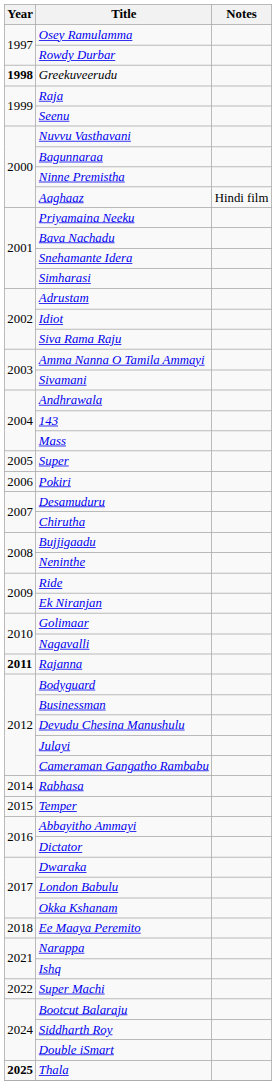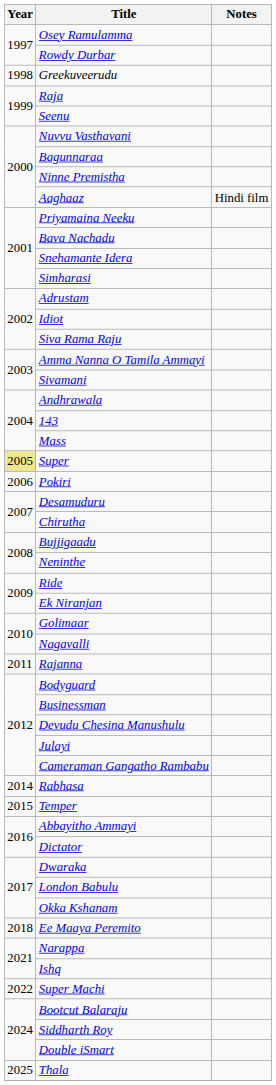 <table class="wikitable">
 <tr>
 <th>Year</th>
 <th>Title</th>
 <th>Notes</th>
 </tr>
 <tr>
 <td rowspan="2">1997</td>
 <td><em><a href='#'>Osey Ramulamma</a></em></td>
 <td></td>
 </tr>
 <tr>
 <td><em><a href='#'>Rowdy Durbar</a></em></td>
 </tr>
 <tr>
-<td rowspan="1"><strong>1998</strong></td>
+<td rowspan="1">1998</td>
 <td><em>Greekuveerudu</em></td>
 <td></td>
 </tr>
 <tr>
 <td rowspan="2">1999</td>
 <td><em><a href='#'>Raja</a></em></td>
 <td></td>
 </tr>
 <tr>
 <td><em><a href='#'>Seenu</a></em></td>
 <td></td>
 </tr>
 <tr>
 <td rowspan="4">2000</td>
 <td><em><a href='#'>Nuvvu Vasthavani</a></em></td>
 <td></td>
 </tr>
 <tr>
 <td><em><a href='#'>Bagunnaraa</a></em></td>
 <td></td>
 </tr>
 <tr>
 <td><em><a href='#'>Ninne Premistha</a></em></td>
 <td></td>
 </tr>
 <tr>
 <td><em><a href='#'>Aaghaaz</a></em></td>
 <td>Hindi film</td>
 </tr>
 <tr>
 <td rowspan="4">2001</td>
 <td><em><a href='#'>Priyamaina Neeku</a></em></td>
 <td></td>
 </tr>
 <tr>
 <td><em><a href='#'>Bava Nachadu</a></em></td>
 <td></td>
 </tr>
 <tr>
 <td><em><a href='#'>Snehamante Idera</a></em></td>
 <td></td>
 </tr>
 <tr>
 <td><em><a href='#'>Simharasi</a></em></td>
 <td></td>
 </tr>
 <tr>
 <td rowspan="3">2002</td>
 <td><em><a href='#'>Adrustam</a></em></td>
 <td></td>
 </tr>
 <tr>
 <td><em><a href='#'>Idiot</a></em></td>
 <td></td>
 </tr>
 <tr>
 <td><em><a href='#'>Siva Rama Raju</a></em></td>
 <td></td>
 </tr>
 <tr>
 <td rowspan="2">2003</td>
 <td><em><a href='#'>Amma Nanna O Tamila Ammayi</a></em></td>
 <td></td>
 </tr>
 <tr>
 <td><em><a href='#'>Sivamani</a></em></td>
 <td></td>
 </tr>
 <tr>
 <td rowspan="3">2004</td>
 <td><em><a href='#'>Andhrawala</a></em></td>
 <td></td>
 </tr>
 <tr>
 <td><em><a href='#'>143</a></em></td>
 <td></td>
 </tr>
 <tr>
 <td><em><a href='#'>Mass</a></em></td>
 <td></td>
 </tr>
 <tr>
-<td>2005</td>
+<td style="background: khaki;">2005</td>
 <td><em><a href='#'>Super</a></em></td>
 <td></td>
 </tr>
 <tr>
 <td>2006</td>
 <td><em><a href='#'>Pokiri</a></em></td>
 <td></td>
 </tr>
 <tr>
 <td rowspan="2">2007</td>
 <td><em><a href='#'>Desamuduru</a></em></td>
 <td></td>
 </tr>
 <tr>
 <td><em><a href='#'>Chirutha</a></em></td>
 <td></td>
 </tr>
 <tr>
 <td rowspan="2">2008</td>
 <td><em><a href='#'>Bujjigaadu</a></em></td>
 <td></td>
 </tr>
 <tr>
 <td><em><a href='#'>Neninthe</a></em></td>
 <td></td>
 </tr>
 <tr>
 <td rowspan="2">2009</td>
 <td><em><a href='#'>Ride</a></em></td>
 <td></td>
 </tr>
 <tr>
 <td><em><a href='#'>Ek Niranjan</a></em></td>
 <td></td>
 </tr>
 <tr>
 <td rowspan="2">2010</td>
 <td><em><a href='#'>Golimaar</a></em></td>
 <td></td>
 </tr>
 <tr>
 <td><em><a href='#'>Nagavalli</a></em></td>
 <td></td>
 </tr>
 <tr>
-<td><strong>2011</strong></td>
+<td>2011</td>
 <td><em><a href='#'>Rajanna</a></em></td>
 <td></td>
 </tr>
 <tr>
 <td rowspan="5">2012</td>
 <td><em><a href='#'>Bodyguard</a></em></td>
 <td></td>
 </tr>
 <tr>
 <td><em><a href='#'> Businessman</a></em></td>
 <td></td>
 </tr>
 <tr>
 <td><em><a href='#'>Devudu Chesina Manushulu</a></em></td>
 <td></td>
 </tr>
 <tr>
 <td><em><a href='#'>Julayi</a></em></td>
 <td></td>
 </tr>
 <tr>
 <td><em><a href='#'>Cameraman Gangatho Rambabu</a></em></td>
 <td></td>
 </tr>
 <tr>
 <td>2014</td>
 <td><em><a href='#'>Rabhasa</a></em></td>
 <td></td>
 </tr>
 <tr>
 <td>2015</td>
 <td><em><a href='#'>Temper</a></em></td>
 <td></td>
 </tr>
 <tr>
 <td rowspan="2">2016</td>
 <td><em><a href='#'>Abbayitho Ammayi</a></em></td>
 <td></td>
 </tr>
 <tr>
 <td><em><a href='#'>Dictator</a></em></td>
 <td></td>
 </tr>
 <tr>
 <td rowspan="3">2017</td>
 <td><em><a href='#'>Dwaraka</a></em></td>
 <td></td>
 </tr>
 <tr>
 <td><em><a href='#'>London Babulu</a></em></td>
 <td></td>
 </tr>
 <tr>
 <td><em><a href='#'>Okka Kshanam</a></em></td>
 <td></td>
 </tr>
 <tr>
 <td>2018</td>
 <td><em><a href='#'>Ee Maaya Peremito</a></em></td>
 <td></td>
 </tr>
 <tr>
 <td rowspan="2">2021</td>
 <td><em><a href='#'>Narappa</a></em></td>
 <td></td>
 </tr>
 <tr>
 <td><em><a href='#'>Ishq</a></em></td>
 <td></td>
 </tr>
 <tr>
 <td>2022</td>
 <td><em><a href='#'>Super Machi</a></em></td>
 <td></td>
 </tr>
 <tr>
 <td rowspan="3">2024</td>
 <td><em><a href='#'>Bootcut Balaraju</a></em></td>
 <td></td>
 </tr>
 <tr>
 <td><em><a href='#'>Siddharth Roy</a></em></td>
 <td></td>
 </tr>
 <tr>
 <td><em><a href='#'>Double iSmart</a></em></td>
 <td></td>
 </tr>
 <tr>
-<td><strong>2025</strong></td>
+<td>2025</td>
 <td><a href='#'><em>Thala</em></a></td>
 <td></td>
 </tr>
 <tr>
 </tr>
 </table>
